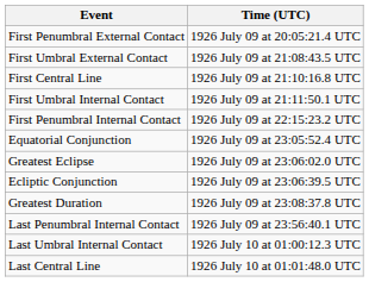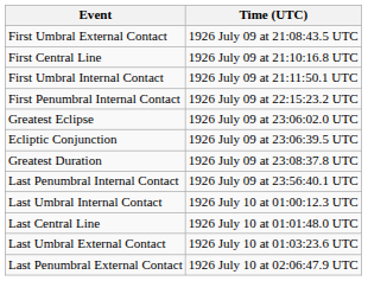 <table class="wikitable">
 <tr>
 <th>Event</th>
 <th>Time (UTC)</th>
-</tr>
-<tr>
-<td>First Penumbral External Contact</td>
-<td>1926 July 09 at 20:05:21.4 UTC</td>
 </tr>
 <tr>
 <td>First Umbral External Contact</td>
 <td>1926 July 09 at 21:08:43.5 UTC</td>
 </tr>
 <tr>
 <td>First Central Line</td>
 <td>1926 July 09 at 21:10:16.8 UTC</td>
 </tr>
 <tr>
 <td>First Umbral Internal Contact</td>
 <td>1926 July 09 at 21:11:50.1 UTC</td>
 </tr>
 <tr>
 <td>First Penumbral Internal Contact</td>
 <td>1926 July 09 at 22:15:23.2 UTC</td>
-</tr>
-<tr>
-<td>Equatorial Conjunction</td>
-<td>1926 July 09 at 23:05:52.4 UTC</td>
 </tr>
 <tr>
 <td>Greatest Eclipse</td>
 <td>1926 July 09 at 23:06:02.0 UTC</td>
 </tr>
 <tr>
 <td>Ecliptic Conjunction</td>
 <td>1926 July 09 at 23:06:39.5 UTC</td>
 </tr>
 <tr>
 <td>Greatest Duration</td>
 <td>1926 July 09 at 23:08:37.8 UTC</td>
 </tr>
 <tr>
 <td>Last Penumbral Internal Contact</td>
 <td>1926 July 09 at 23:56:40.1 UTC</td>
 </tr>
 <tr>
 <td>Last Umbral Internal Contact</td>
 <td>1926 July 10 at 01:00:12.3 UTC</td>
 </tr>
 <tr>
 <td>Last Central Line</td>
 <td>1926 July 10 at 01:01:48.0 UTC</td>
 </tr>
+<tr>
+<td>Last Umbral External Contact</td>
+<td>1926 July 10 at 01:03:23.6 UTC</td>
+</tr>
+<tr>
+<td>Last Penumbral External Contact</td>
+<td>1926 July 10 at 02:06:47.9 UTC</td>
+</tr>
 </table>
